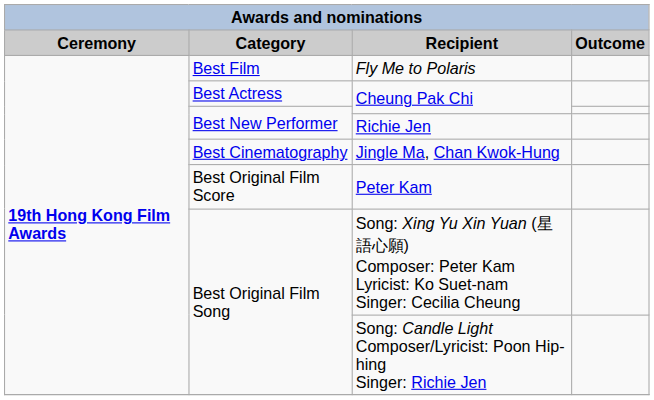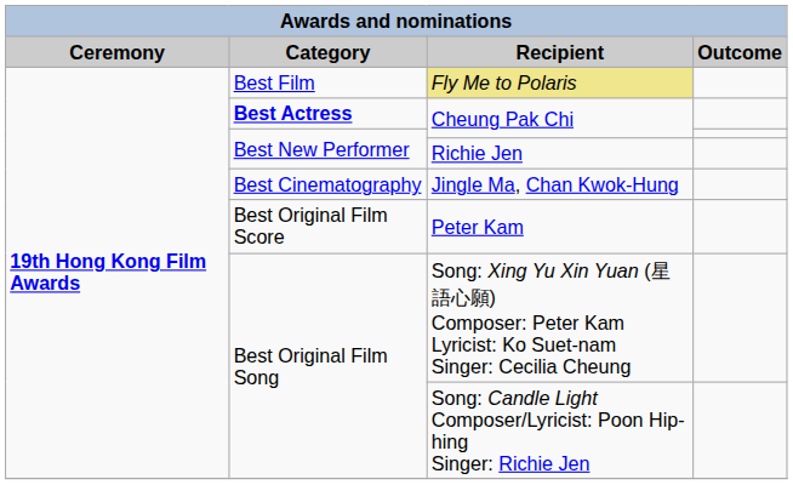 <table class="wikitable" style="font-size:95%;" ;>
 <tr style="background:#ccc; text-align:center;">
 <th colspan="4" style="background: LightSteelBlue;">Awards and nominations</th>
 </tr>
 <tr style="background:#ccc; text-align:center;">
 <th style="background:#ccc">Ceremony</th>
 <th style="background:#ccc">Category</th>
 <th style="background:#ccc">Recipient</th>
 <th style="background:#ccc">Outcome</th>
 </tr>
 <tr>
 <td rowspan=8><strong><a href='#'>19th Hong Kong Film Awards</a></strong></td>
 <td><a href='#'>Best Film</a></td>
-<td><em>Fly Me to Polaris</em></td>
+<td style="background: khaki;"><em>Fly Me to Polaris</em></td>
 <td></td>
 </tr>
 <tr>
-<td><a href='#'>Best Actress</a></td>
+<td><strong><a href='#'>Best Actress</a></strong></td>
 <td rowspan=2><a href='#'>Cheung Pak Chi</a></td>
 <td></td>
 </tr>
 <tr>
 <td rowspan=2><a href='#'>Best New Performer</a></td>
 <td></td>
 </tr>
 <tr>
 <td><a href='#'>Richie Jen</a></td>
 <td></td>
 </tr>
 <tr>
 <td><a href='#'>Best Cinematography</a></td>
 <td><a href='#'>Jingle Ma</a>, <a href='#'>Chan Kwok-Hung</a></td>
 <td></td>
 </tr>
 <tr>
 <td>Best Original Film Score</td>
 <td><a href='#'>Peter Kam</a></td>
 <td></td>
 </tr>
 <tr>
 <td rowspan=2>Best Original Film Song</td>
 <td>Song: <em>Xing Yu Xin Yuan</em> (星語心願)<br>Composer: Peter Kam <br>Lyricist: Ko Suet-nam <br>Singer: Cecilia Cheung</td>
 <td></td>
 </tr>
 <tr>
 <td>Song: <em>Candle Light</em><br>Composer/Lyricist: Poon Hip-hing <br>Singer: <a href='#'>Richie Jen</a></td>
 <td></td>
 </tr>
 <tr>
 </tr>
 </table>
